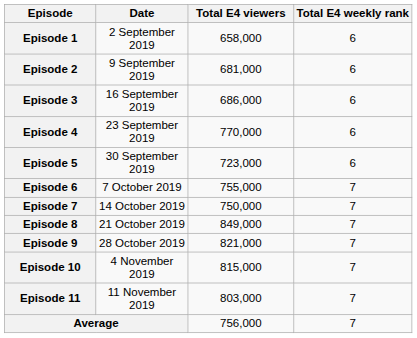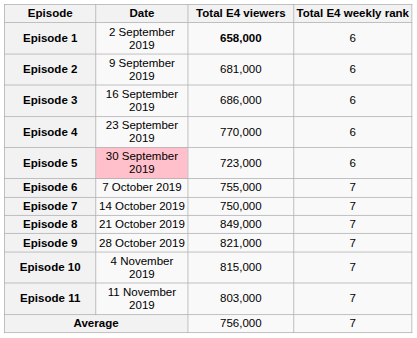 <table class="wikitable sortable" style="text-align:center">
 <tr>
 <th scope="col" style="width:120px;">Episode</th>
 <th scope="col" style="width:120px;">Date</th>
 <th scope="col" style="width:140px;">Total E4 viewers</th>
 <th>Total E4 weekly rank</th>
 </tr>
 <tr>
 <th scope="row">Episode 1</th>
 <td>2 September 2019</td>
-<td>658,000</td>
+<td><strong>658,000</strong></td>
 <td>6</td>
 </tr>
 <tr>
 <th scope="row">Episode 2</th>
 <td>9 September 2019</td>
 <td>681,000</td>
 <td>6</td>
 </tr>
 <tr>
 <th scope="row">Episode 3</th>
 <td>16 September 2019</td>
 <td>686,000</td>
 <td>6</td>
 </tr>
 <tr>
 <th scope="row">Episode 4</th>
 <td>23 September 2019</td>
 <td>770,000</td>
 <td>6</td>
 </tr>
 <tr>
 <th scope="row">Episode 5</th>
-<td>30 September 2019</td>
+<td style="background: pink;">30 September 2019</td>
 <td>723,000</td>
 <td>6</td>
 </tr>
 <tr>
 <th scope="row">Episode 6</th>
 <td>7 October 2019</td>
 <td>755,000</td>
 <td>7</td>
 </tr>
 <tr>
 <th scope="row">Episode 7</th>
 <td>14 October 2019</td>
 <td>750,000</td>
 <td>7</td>
 </tr>
 <tr>
 <th scope="row">Episode 8</th>
 <td>21 October 2019</td>
 <td>849,000</td>
 <td>7</td>
 </tr>
 <tr>
 <th scope="row">Episode 9</th>
 <td>28 October 2019</td>
 <td>821,000</td>
 <td>7</td>
 </tr>
 <tr>
 <th scope="row">Episode 10</th>
 <td>4 November 2019</td>
 <td>815,000</td>
 <td>7</td>
 </tr>
 <tr>
 <th scope="row">Episode 11</th>
 <td>11 November 2019</td>
 <td>803,000</td>
 <td>7</td>
 </tr>
 <tr>
 <th scope="row" colspan="2">Average</th>
 <td>756,000</td>
 <td>7</td>
 </tr>
 </table>
